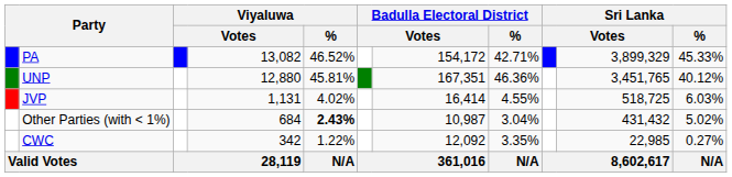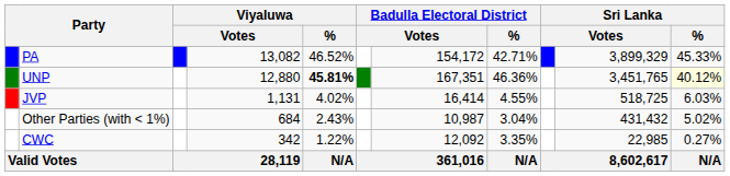 <table class="wikitable">
 <tr>
 <th colspan="2" width="144px"rowspan="2">Party</th>
 <th colspan="3" width="216px">Viyaluwa</th>
 <th colspan="3" width="216px"><a href='#'>Badulla Electoral District</a></th>
 <th colspan="3" width="216px">Sri Lanka</th>
 </tr>
 <tr>
 <th colspan="2" width="144px">Votes</th>
 <th>%</th>
 <th colspan="2" width="144px">Votes</th>
 <th>%</th>
 <th colspan="2" width="144px">Votes</th>
 <th>%</th>
 </tr>
 <tr>
 <td style="background-color:blue;" width="10px"></td>
 <td style="text-align:left;"><a href='#'>PA</a></td>
 <td style="background-color:blue;" width="10px"></td>
 <td style="text-align:right;">13,082</td>
 <td style="text-align:right;">46.52%</td>
 <td style="background-color:white;" width="10px"></td>
 <td style="text-align:right;">154,172</td>
 <td style="text-align:right;">42.71%</td>
 <td style="background-color:blue;" width="10px"></td>
 <td style="text-align:right;">3,899,329</td>
 <td style="text-align:right;">45.33%</td>
 </tr>
 <tr>
 <td style="background-color:green;" width="10px"></td>
 <td style="text-align:left;"><a href='#'>UNP</a></td>
 <td style="background-color:white;" width="10px"></td>
 <td style="text-align:right;">12,880</td>
-<td style="text-align:right;">45.81%</td>
+<td style="text-align:right;"><strong>45.81%</strong></td>
 <td style="background-color:green;" width="10px"></td>
 <td style="text-align:right;">167,351</td>
 <td style="text-align:right;">46.36%</td>
 <td style="background-color:white;" width="10px"></td>
 <td style="text-align:right;">3,451,765</td>
-<td style="text-align:right;">40.12%</td>
+<td style="background: lightyellow; text-align:right;">40.12%</td>
 </tr>
 <tr>
 <td style="background-color:red;" width="10px"></td>
 <td style="text-align:left;"><a href='#'>JVP</a></td>
 <td style="background-color:white;" width="10px"></td>
 <td style="text-align:right;">1,131</td>
 <td style="text-align:right;">4.02%</td>
 <td style="background-color:white;" width="10px"></td>
 <td style="text-align:right;">16,414</td>
 <td style="text-align:right;">4.55%</td>
 <td style="background-color:white;" width="10px"></td>
 <td style="text-align:right;">518,725</td>
 <td style="text-align:right;">6.03%</td>
 </tr>
 <tr>
 <td style="background-color:white;" width="10px"></td>
 <td style="text-align:left;">Other Parties (with < 1%)</td>
 <td style="background-color:white;" width="10px"></td>
 <td style="text-align:right;">684</td>
-<td style="text-align:right;"><strong>2.43%</strong></td>
+<td style="text-align:right;">2.43%</td>
 <td style="background-color:white;" width="10px"></td>
 <td style="text-align:right;">10,987</td>
 <td style="text-align:right;">3.04%</td>
 <td style="background-color:white;" width="10px"></td>
 <td style="text-align:right;">431,432</td>
 <td style="text-align:right;">5.02%</td>
 </tr>
 <tr>
 <td style="background-color:white;" width="10px"></td>
 <td style="text-align:left;"><a href='#'>CWC</a></td>
 <td style="background-color:white;" width="10px"></td>
 <td style="text-align:right;">342</td>
 <td style="text-align:right;">1.22%</td>
 <td style="background-color:white;" width="10px"></td>
 <td style="text-align:right;">12,092</td>
 <td style="text-align:right;">3.35%</td>
 <td style="background-color:white;" width="10px"></td>
 <td style="text-align:right;">22,985</td>
 <td style="text-align:right;">0.27%</td>
 </tr>
 <tr>
 <th colspan="2" width="144px"style="text-align:left;">Valid Votes</th>
 <th style="text-align:right;"colspan="2" width="144px">28,119</th>
 <th style="text-align:right;">N/A</th>
 <th style="text-align:right;"colspan="2" width="144px">361,016</th>
 <th style="text-align:right;">N/A</th>
 <th style="text-align:right;"colspan="2" width="144px">8,602,617</th>
 <th style="text-align:right;">N/A</th>
 </tr>
 </table>
